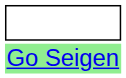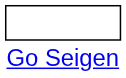 <table>
 <tr>
 <td style="border: solid thin; padding: 2px;"><br></td>
 </tr>
 <tr>
-<td style="background: lightgreen; text-align:center"><a href='#'>Go Seigen</a></td>
+<td style="text-align:center"><a href='#'>Go Seigen</a></td>
 </tr>
 </table>
